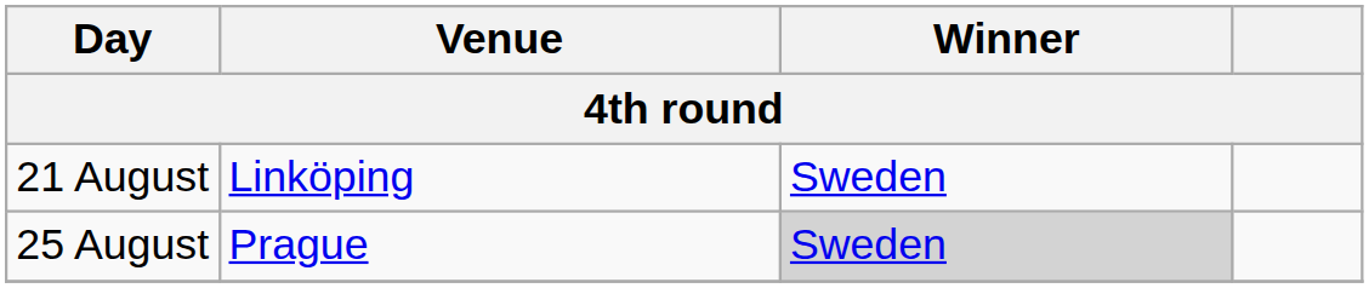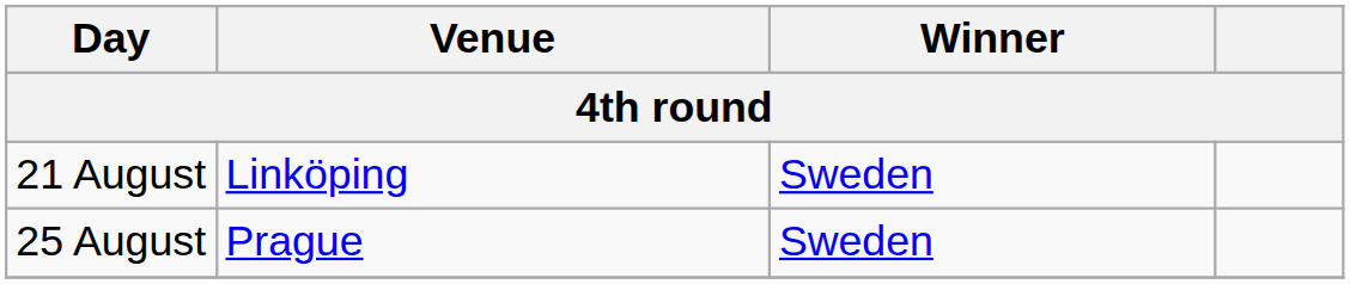 <table class=wikitable>
 <tr>
 <th>Day</th>
 <th width=200px>Venue</th>
 <th width=160px>Winner</th>
 <th width=40px></th>
 </tr>
 <tr>
 <th colspan=4>4th round</th>
 </tr>
 <tr>
 <td align=center>21 August</td>
 <td> <a href='#'>Linköping</a></td>
 <td> <a href='#'>Sweden</a></td>
 </tr>
 <tr>
 <td align=center>25 August</td>
 <td> <a href='#'>Prague</a></td>
-<td style="background: lightgrey;"> <a href='#'>Sweden</a></td>
+<td> <a href='#'>Sweden</a></td>
 <td align=center></td>
 </tr>
 <tr>
 </tr>
 </table>
